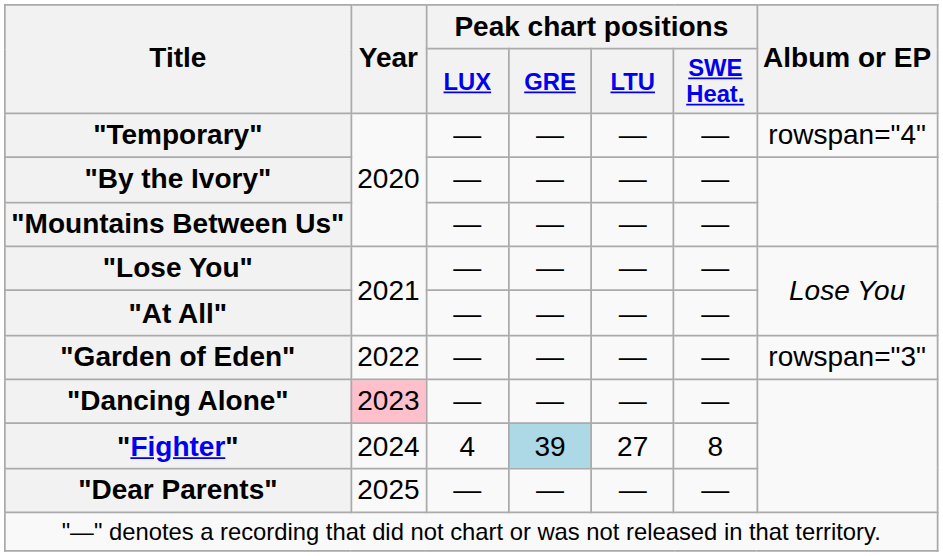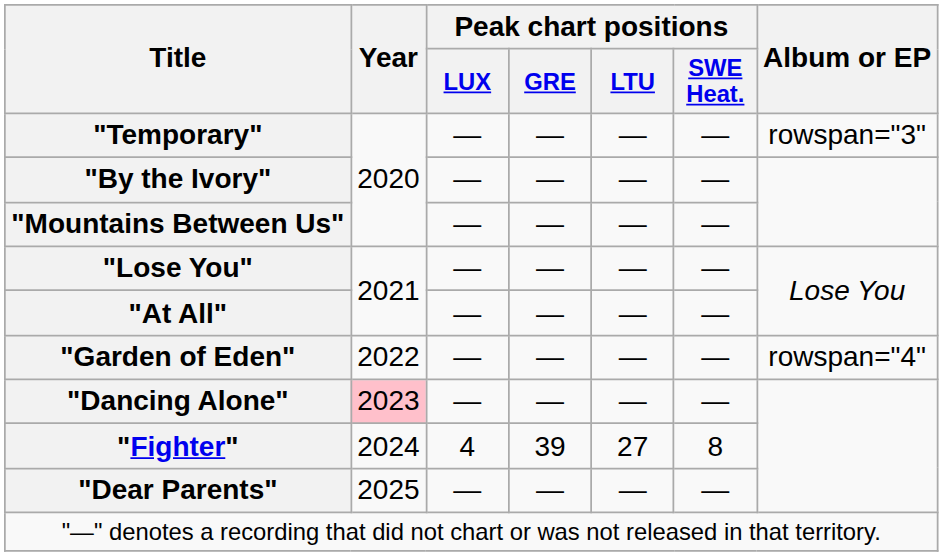 <table class="wikitable plainrowheaders" style="text-align:center;">
 <tr>
 <th scope="col" rowspan="2">Title</th>
 <th scope="col" rowspan="2">Year</th>
 <th scope="col" colspan="4">Peak chart positions</th>
 <th scope="col" rowspan="2">Album or EP</th>
 </tr>
 <tr>
 <th scope="col" style="width:3em;font-size:85%;"><a href='#'>LUX</a><br></th>
 <th scope="col" style="width:3em;font-size:85%;"><a href='#'>GRE</a><br></th>
 <th scope="col" style="width:3em;font-size:85%;"><a href='#'>LTU</a><br></th>
 <th scope="col" style="width:3em;font-size:85%;"><a href='#'>SWE<br>Heat.</a><br></th>
 </tr>
 <tr>
 <th scope="row">"Temporary"</th>
 <td rowspan="3">2020</td>
 <td>—</td>
 <td>—</td>
 <td>—</td>
 <td>—</td>
-<td>rowspan="4" </td>
+<td>rowspan="3" </td>
 </tr>
 <tr>
 <th scope="row">"By the Ivory"</th>
 <td>—</td>
 <td>—</td>
 <td>—</td>
 <td>—</td>
 </tr>
 <tr>
 <th scope="row">"Mountains Between Us"</th>
 <td>—</td>
 <td>—</td>
 <td>—</td>
 <td>—</td>
 </tr>
 <tr>
 <th scope="row">"Lose You"</th>
 <td rowspan="2">2021</td>
 <td>—</td>
 <td>—</td>
 <td>—</td>
 <td>—</td>
 <td rowspan="2"><em>Lose You</em></td>
 </tr>
 <tr>
 <th scope="row">"At All"</th>
 <td>—</td>
 <td>—</td>
 <td>—</td>
 <td>—</td>
 </tr>
 <tr>
 <th scope="row">"Garden of Eden"<br></th>
 <td>2022</td>
 <td>—</td>
 <td>—</td>
 <td>—</td>
 <td>—</td>
-<td>rowspan="3" </td>
+<td>rowspan="4" </td>
 </tr>
 <tr>
 <th scope="row">"Dancing Alone"</th>
 <td style="background: pink;">2023</td>
 <td>—</td>
 <td>—</td>
 <td>—</td>
 <td>—</td>
 </tr>
 <tr>
 <th scope="row">"<a href='#'>Fighter</a>"</th>
 <td>2024</td>
 <td>4</td>
-<td style="background: lightblue;">39</td>
+<td>39</td>
 <td>27</td>
 <td>8</td>
 </tr>
 <tr>
 <th scope="row">"Dear Parents"</th>
 <td>2025</td>
 <td>—</td>
 <td>—</td>
 <td>—</td>
 <td>—</td>
 </tr>
 <tr>
 <td colspan="7" style="font-size:85%">"—" denotes a recording that did not chart or was not released in that territory.</td>
 </tr>
 </table>
